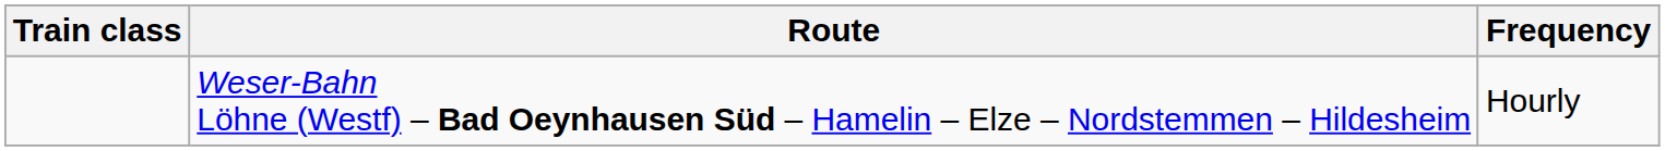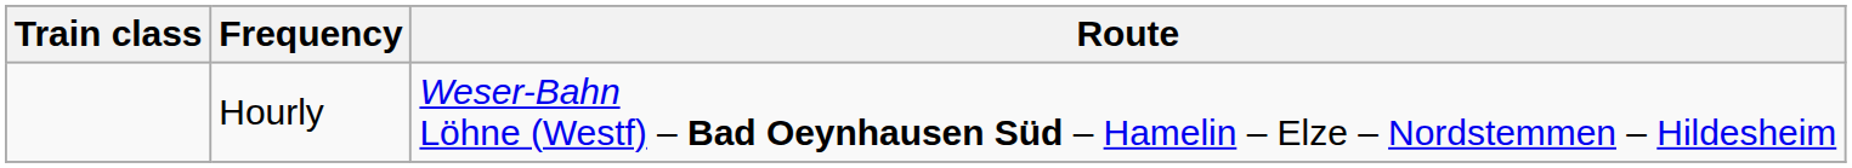 <table class="wikitable">
 <tr class="hintergrundfarbe5">
 <th>Train class</th>
+<th>Frequency</th>
 <th>Route</th>
-<th>Frequency</th>
 </tr>
 <tr>
 <td></td>
+<td>Hourly</td>
 <td><em><a href='#'>Weser-Bahn</a></em><br><a href='#'>Löhne (Westf)</a> – <strong>Bad Oeynhausen Süd</strong> – <a href='#'>Hamelin</a> – Elze – <a href='#'>Nordstemmen</a> – <a href='#'>Hildesheim</a></td>
-<td>Hourly</td>
 </tr>
 </table>
